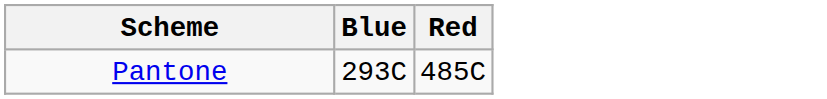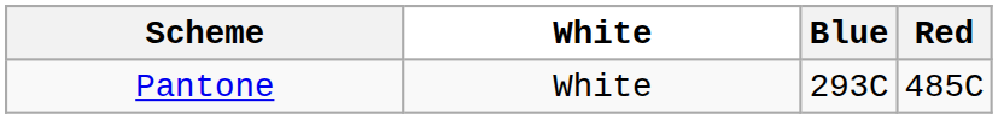 <table class="wikitable">
 <tr>
 <th width="150">Scheme</th>
+<th style="background-color:white;width:150px">White</th>
 <th style="background-color:#"><span>Blue</span></th>
 <th style="background-color:#"><span>Red</span></th>
 </tr>
 <tr align="center">
 <td><a href='#'>Pantone</a></td>
+<td>White</td>
 <td>293C</td>
 <td>485C</td>
 </tr>
 </table>
